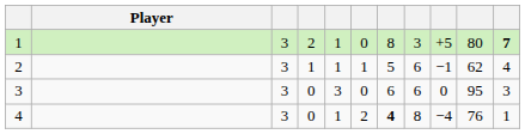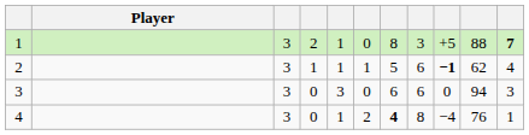 <table class="wikitable" style="text-align:center; margin: 1em auto 1em auto, align:left">
 <tr>
 <th width=20></th>
 <th width=240>Player</th>
 <th width=20></th>
 <th width=20></th>
 <th width=20></th>
 <th width=20></th>
 <th width=20></th>
 <th width=20></th>
 <th width=20></th>
 <th width=30></th>
 <th width=20></th>
 </tr>
 <tr style="background:#D0F0C0;">
 <td>1</td>
 <td align=left></td>
 <td>3</td>
 <td>2</td>
 <td>1</td>
 <td>0</td>
 <td>8</td>
 <td>3</td>
 <td>+5</td>
-<td>80</td>
+<td>88</td>
 <td><strong>7</strong></td>
 </tr>
 <tr style=>
 <td>2</td>
 <td align=left></td>
 <td>3</td>
 <td>1</td>
 <td>1</td>
 <td>1</td>
 <td>5</td>
 <td>6</td>
-<td>−1</td>
+<td><strong>−1</strong></td>
 <td>62</td>
 <td>4</td>
 </tr>
 <tr style=>
 <td>3</td>
 <td align=left></td>
 <td>3</td>
 <td>0</td>
 <td>3</td>
 <td>0</td>
 <td>6</td>
 <td>6</td>
 <td>0</td>
-<td>95</td>
+<td>94</td>
 <td>3</td>
 </tr>
 <tr style=>
 <td>4</td>
 <td align=left></td>
 <td>3</td>
 <td>0</td>
 <td>1</td>
 <td>2</td>
 <td><strong>4</strong></td>
 <td>8</td>
 <td>−4</td>
 <td>76</td>
 <td>1</td>
 </tr>
 </table>
